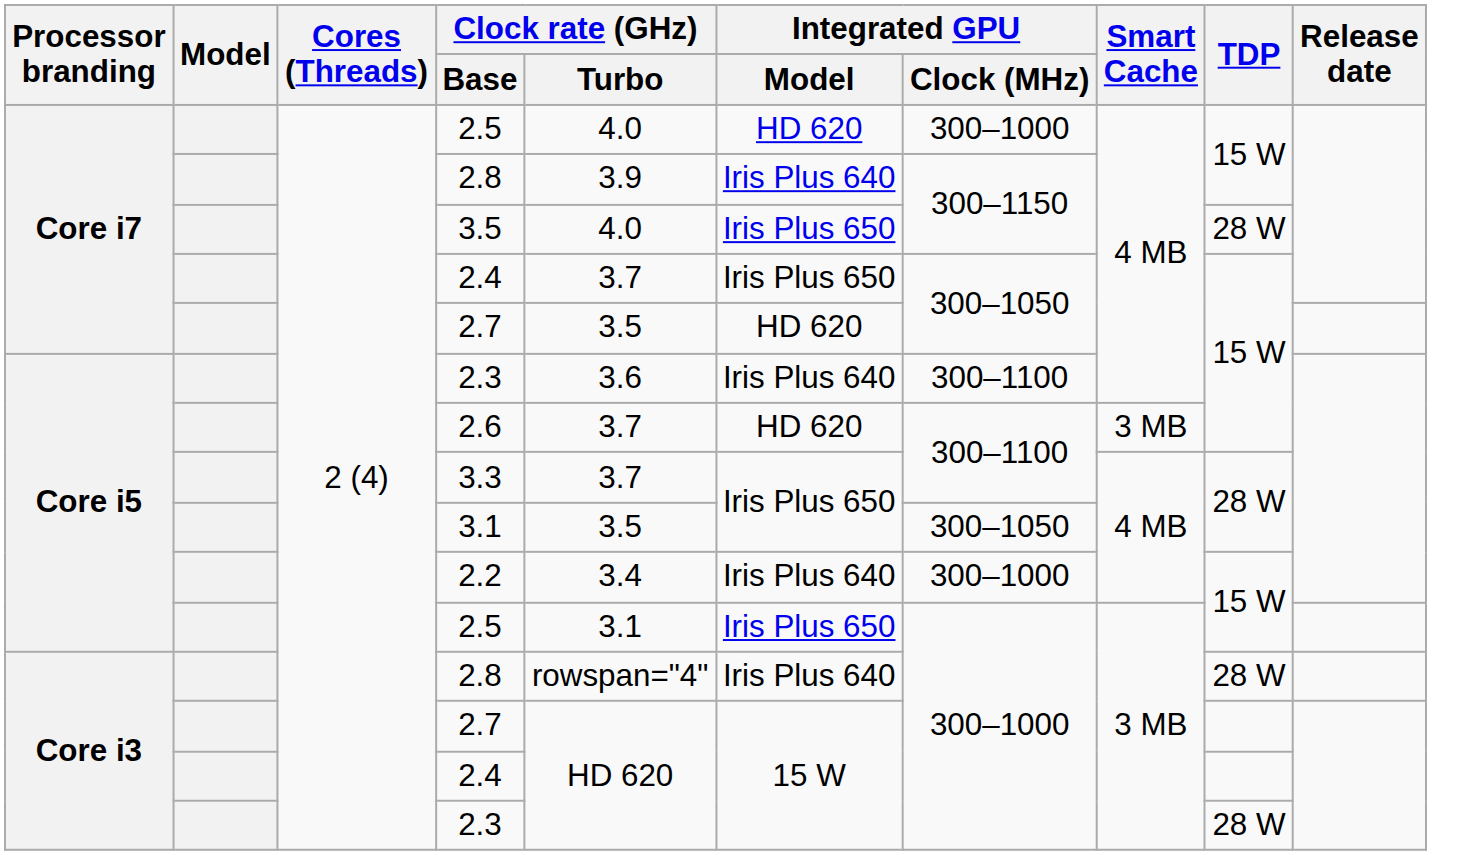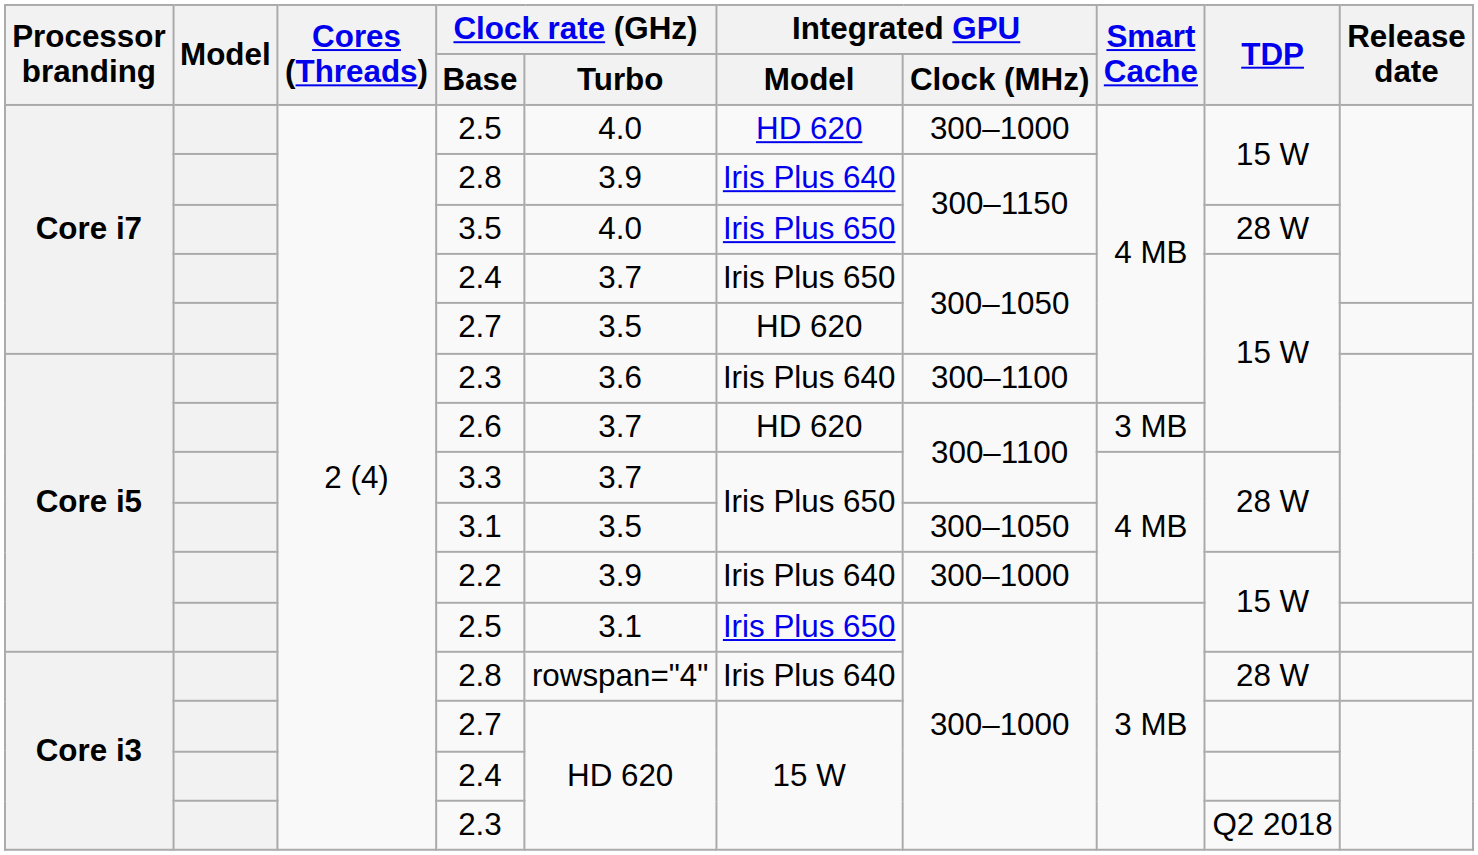 <table class="wikitable sortable nowrap" style="text-align: center;">
 <tr>
 <th class="unsortable" rowspan="2">Processor<br>branding</th>
 <th rowspan="2">Model</th>
 <th class="unsortable" rowspan="2"><a href='#'>Cores</a><br>(<a href='#'>Threads</a>)</th>
 <th colspan="2"><a href='#'>Clock rate</a> (GHz)</th>
 <th colspan="2">Integrated <a href='#'>GPU</a></th>
 <th class="unsortable" rowspan="2"><a href='#'>Smart<br>Cache</a></th>
 <th rowspan="2"><a href='#'>TDP</a></th>
 <th rowspan="2">Release<br>date</th>
 </tr>
 <tr>
 <th class="unsortable">Base</th>
 <th class="unsortable">Turbo</th>
 <th class="unsortable">Model</th>
 <th class="unsortable">Clock (MHz)</th>
 </tr>
 <tr>
 <th rowspan="5">Core i7</th>
 <th style="text-align:left;" data-sort-value="sku15"></th>
 <td rowspan="15">2 (4)</td>
 <td>2.5</td>
 <td>4.0</td>
 <td><a href='#'>HD 620</a></td>
 <td>300–1000</td>
 <td rowspan="6">4 MB</td>
 <td rowspan="2">15 W</td>
 <td rowspan="4"></td>
 </tr>
 <tr>
 <th style="text-align:left;" data-sort-value="sku14"></th>
 <td>2.8</td>
 <td>3.9</td>
 <td><a href='#'>Iris Plus 640</a></td>
 <td rowspan="2">300–1150</td>
 </tr>
 <tr>
 <th style="text-align:left;" data-sort-value="sku13"></th>
 <td>3.5</td>
 <td>4.0</td>
 <td><a href='#'>Iris Plus 650</a></td>
 <td>28 W</td>
 </tr>
 <tr>
 <th style="text-align:left;" data-sort-value="sku12"></th>
 <td>2.4</td>
 <td>3.7</td>
 <td>Iris Plus 650</td>
 <td rowspan="2">300–1050</td>
 <td rowspan="4">15 W</td>
 </tr>
 <tr>
 <th style="text-align:left;" data-sort-value="sku11"></th>
 <td>2.7</td>
 <td>3.5</td>
 <td>HD 620</td>
 <td></td>
 </tr>
 <tr>
 <th rowspan="6">Core i5</th>
 <th style="text-align:left;" data-sort-value="sku10"></th>
 <td>2.3</td>
 <td>3.6</td>
 <td>Iris Plus 640</td>
 <td>300–1100</td>
 <td rowspan="5"></td>
 </tr>
 <tr>
 <th style="text-align:left;" data-sort-value="sku9"></th>
 <td>2.6</td>
 <td>3.7</td>
 <td>HD 620</td>
 <td rowspan="2">300–1100</td>
 <td>3 MB</td>
 </tr>
 <tr>
 <th style="text-align:left;" data-sort-value="sku8"></th>
 <td>3.3</td>
 <td>3.7</td>
 <td rowspan="2">Iris Plus 650</td>
 <td rowspan="3">4 MB</td>
 <td rowspan="2">28 W</td>
 </tr>
 <tr>
 <th style="text-align:left;" data-sort-value="sku7"></th>
 <td>3.1</td>
 <td>3.5</td>
 <td>300–1050</td>
 </tr>
 <tr>
 <th style="text-align:left;" data-sort-value="sku6"></th>
 <td>2.2</td>
-<td>3.4</td>
+<td>3.9</td>
 <td>Iris Plus 640</td>
 <td>300–1000</td>
 <td rowspan="2">15 W</td>
 </tr>
 <tr>
 <th style="text-align:left;" data-sort-value="sku5"></th>
 <td>2.5</td>
 <td>3.1</td>
 <td><a href='#'>Iris Plus 650</a></td>
 <td rowspan="5">300–1000</td>
 <td rowspan="5">3 MB</td>
 <td></td>
 </tr>
 <tr>
 <th rowspan="4">Core i3</th>
 <th style="text-align:left;" data-sort-value="sku4"></th>
 <td>2.8</td>
 <td>rowspan="4" </td>
 <td>Iris Plus 640</td>
 <td>28 W</td>
 <td></td>
 </tr>
 <tr>
 <th style="text-align:left;" data-sort-value="sku3"></th>
 <td>2.7</td>
 <td rowspan="3">HD 620</td>
 <td rowspan="3">15 W</td>
 <td></td>
 </tr>
 <tr>
 <th style="text-align:left;" data-sort-value="sku2"></th>
 <td>2.4</td>
 <td></td>
 </tr>
 <tr>
 <th style="text-align:left;" data-sort-value="sku1"></th>
 <td>2.3</td>
-<td>28 W</td>
+<td>Q2 2018</td>
 </tr>
 </table>
